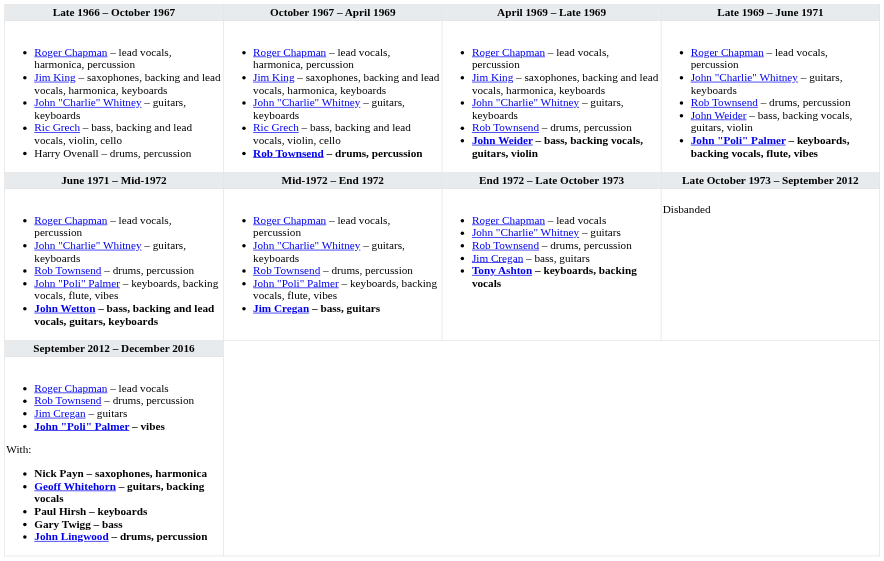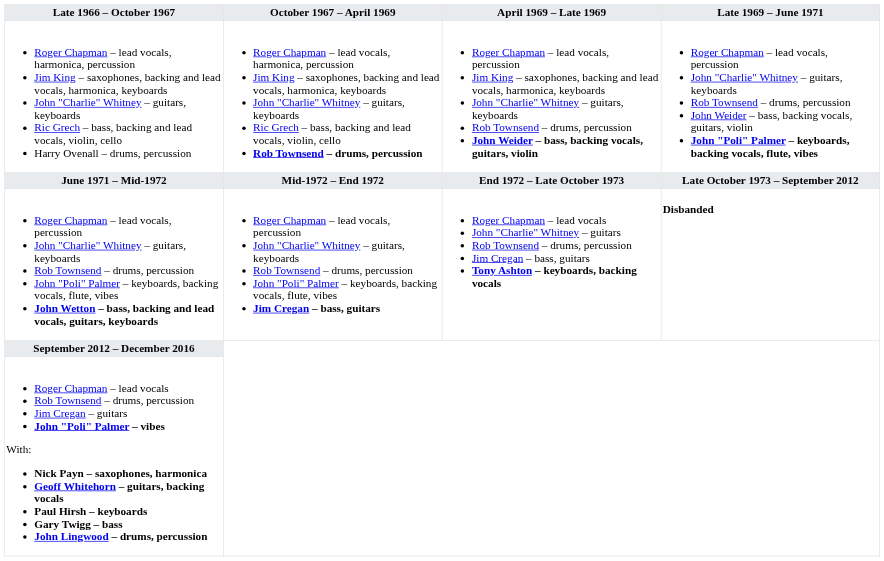 <table class="toccolours" border=1 cellpadding=2 cellspacing=0 style="float: width: 375px; margin: 0 0 1em 1em; border-collapse: collapse; border: 1px solid #E2E2E2;" width=99%>
 <tr>
 <th bgcolor="#E7EBEE" valign=top width=20%>Late 1966 – October 1967</th>
 <th bgcolor="#E7EBEE" valign=top width=20%>October 1967 – April 1969</th>
 <th bgcolor="#E7EBEE" valign=top width=20%>April 1969 – Late 1969</th>
 <th bgcolor="#E7EBEE" valign=top width=20%>Late 1969 – June 1971</th>
 </tr>
 <tr>
 <td valign=top><br><ul><li><a href='#'>Roger Chapman</a> – lead vocals, harmonica, percussion</li><li><a href='#'>Jim King</a> – saxophones, backing and lead vocals, harmonica, keyboards</li><li><a href='#'>John "Charlie" Whitney</a> – guitars, keyboards</li><li><a href='#'>Ric Grech</a> – bass, backing and lead vocals, violin, cello</li><li>Harry Ovenall – drums, percussion</li></ul></td>
 <td valign=top><br><ul><li><a href='#'>Roger Chapman</a> – lead vocals, harmonica, percussion</li><li><a href='#'>Jim King</a> – saxophones, backing and lead vocals, harmonica, keyboards</li><li><a href='#'>John "Charlie" Whitney</a> – guitars, keyboards</li><li><a href='#'>Ric Grech</a> – bass, backing and lead vocals, violin, cello</li><li><strong><a href='#'>Rob Townsend</a> – drums, percussion</strong></li></ul></td>
 <td valign=top><br><ul><li><a href='#'>Roger Chapman</a> – lead vocals, percussion</li><li><a href='#'>Jim King</a> – saxophones, backing and lead vocals, harmonica, keyboards</li><li><a href='#'>John "Charlie" Whitney</a> – guitars, keyboards</li><li><a href='#'>Rob Townsend</a> – drums, percussion</li><li><strong><a href='#'>John Weider</a> – bass, backing vocals, guitars, violin</strong></li></ul></td>
 <td valign=top><br><ul><li><a href='#'>Roger Chapman</a> – lead vocals, percussion</li><li><a href='#'>John "Charlie" Whitney</a> – guitars, keyboards</li><li><a href='#'>Rob Townsend</a> – drums, percussion</li><li><a href='#'>John Weider</a> – bass, backing vocals, guitars, violin</li><li><strong><a href='#'>John "Poli" Palmer</a> – keyboards, backing vocals, flute, vibes</strong></li></ul></td>
 </tr>
 <tr>
 <th bgcolor="#E7EBEE" valign=top width=20%>June 1971 – Mid-1972</th>
 <th bgcolor="#E7EBEE" valign=top width=20%>Mid-1972 – End 1972</th>
 <th bgcolor="#E7EBEE" valign=top width=20%>End 1972 – Late October 1973</th>
 <th bgcolor="#E7EBEE" valign=top width=20%>Late October 1973 – September 2012</th>
 </tr>
 <tr>
 <td valign=top><br><ul><li><a href='#'>Roger Chapman</a> – lead vocals, percussion</li><li><a href='#'>John "Charlie" Whitney</a> – guitars, keyboards</li><li><a href='#'>Rob Townsend</a> – drums, percussion</li><li><a href='#'>John "Poli" Palmer</a> – keyboards, backing vocals, flute, vibes</li><li><strong><a href='#'>John Wetton</a> – bass, backing and lead vocals, guitars, keyboards</strong></li></ul></td>
 <td valign=top><br><ul><li><a href='#'>Roger Chapman</a> – lead vocals, percussion</li><li><a href='#'>John "Charlie" Whitney</a> – guitars, keyboards</li><li><a href='#'>Rob Townsend</a> – drums, percussion</li><li><a href='#'>John "Poli" Palmer</a> – keyboards, backing vocals, flute, vibes</li><li><strong><a href='#'>Jim Cregan</a> – bass, guitars</strong></li></ul></td>
 <td valign=top><br><ul><li><a href='#'>Roger Chapman</a> – lead vocals</li><li><a href='#'>John "Charlie" Whitney</a> – guitars</li><li><a href='#'>Rob Townsend</a> – drums, percussion</li><li><a href='#'>Jim Cregan</a> – bass, guitars</li><li><strong><a href='#'>Tony Ashton</a> – keyboards, backing vocals</strong></li></ul></td>
-<td valign=top><br>Disbanded</td>
+<td valign=top><strong><br>Disbanded</strong></td>
 </tr>
 <tr>
 <th bgcolor="#E7EBEE" valign=top width=20%>September 2012 – December 2016</th>
 </tr>
 <tr>
 <td><br><ul><li><a href='#'>Roger Chapman</a> – lead vocals</li><li><a href='#'>Rob Townsend</a> – drums, percussion</li><li><a href='#'>Jim Cregan</a> – guitars</li><li><strong><a href='#'>John "Poli" Palmer</a> – vibes</strong></li></ul>With:<ul><li><strong>Nick Payn – saxophones, harmonica</strong></li><li><strong><a href='#'>Geoff Whitehorn</a> – guitars, backing vocals</strong></li><li><strong>Paul Hirsh – keyboards</strong></li><li><strong>Gary Twigg – bass</strong></li><li><strong><a href='#'>John Lingwood</a> – drums, percussion</strong></li></ul></td>
 </tr>
 </table>
